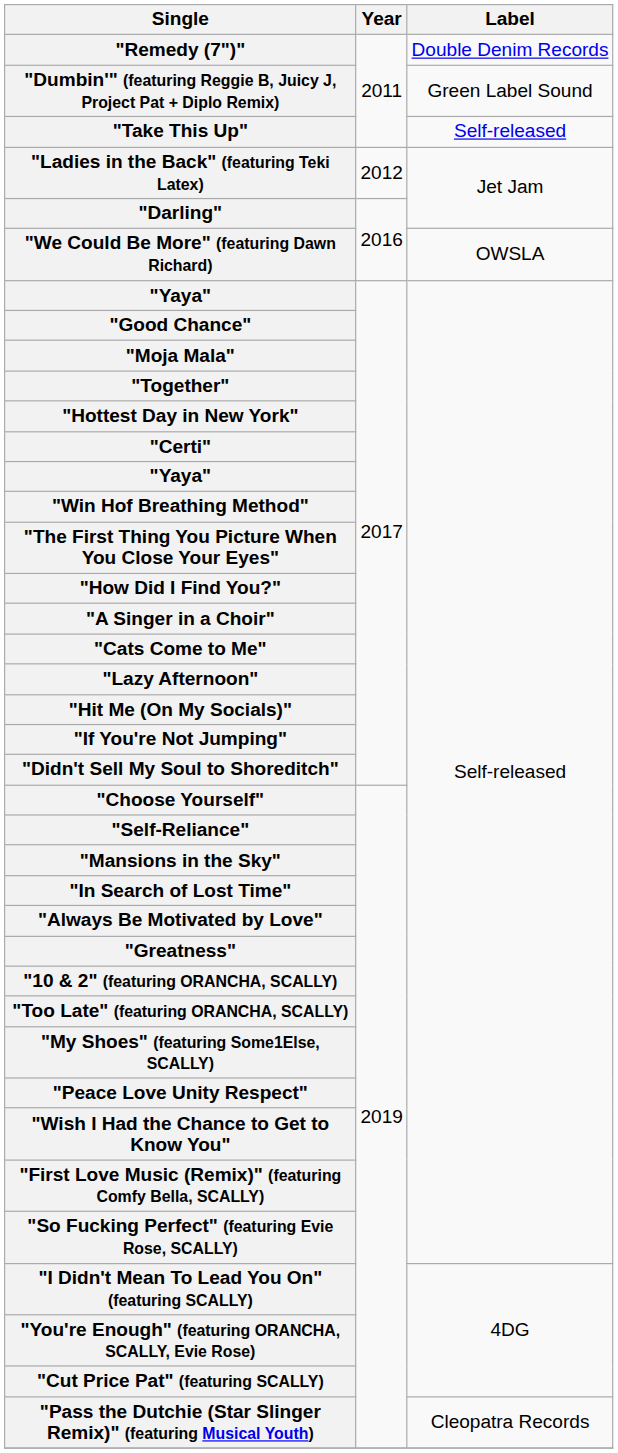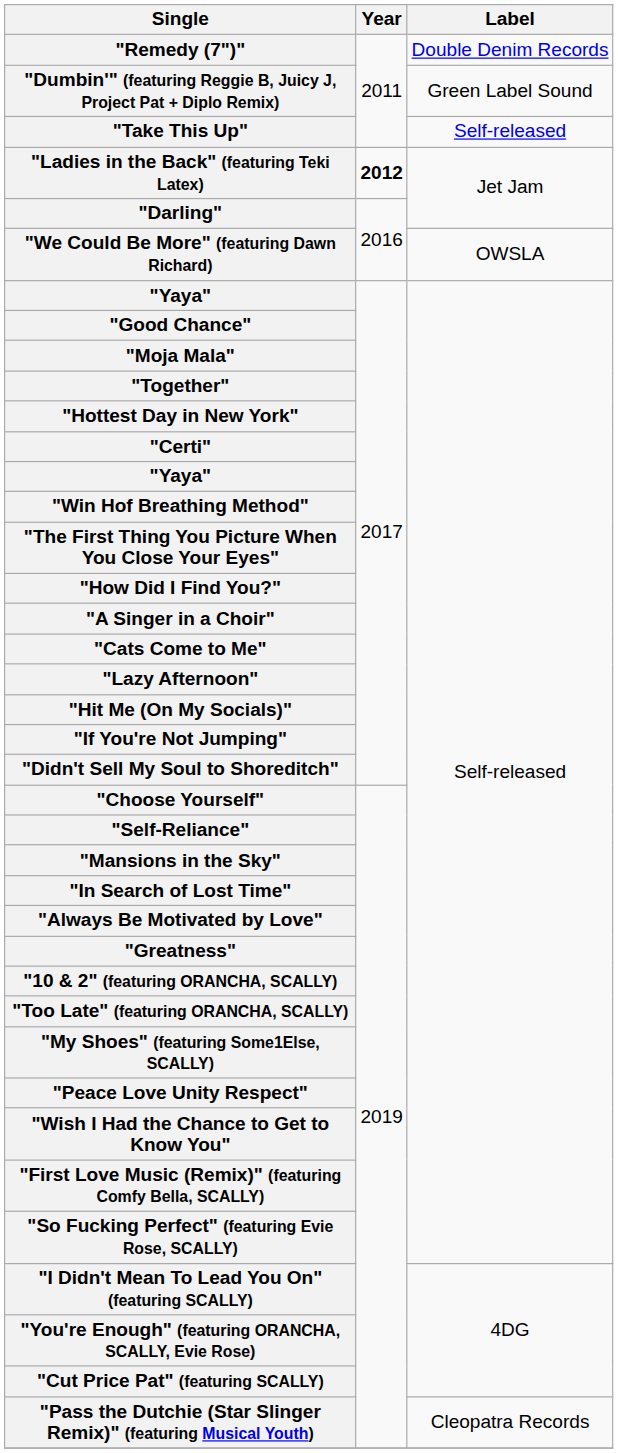 <table class="wikitable mw-collapsible plainrowheaders" border="1" style="text-align:center;">
 <tr>
 <th scope="col" style="width:18em;">Single</th>
 <th scope="col">Year</th>
 <th>Label</th>
 </tr>
 <tr>
 <th scope="row">"Remedy (7")"</th>
 <td rowspan="3">2011</td>
 <td><a href='#'>Double Denim Records</a></td>
 </tr>
 <tr>
 <th scope="row">"Dumbin'" <small>(featuring Reggie B, Juicy J, Project Pat + Diplo Remix)</small></th>
 <td>Green Label Sound</td>
 </tr>
 <tr>
 <th scope="row">"Take This Up"</th>
 <td><a href='#'>Self-released</a></td>
 </tr>
 <tr>
 <th scope="row">"Ladies in the Back" <small>(featuring Teki Latex)</small></th>
-<td>2012</td>
+<td><strong>2012</strong></td>
 <td rowspan="2">Jet Jam</td>
 </tr>
 <tr>
 <th scope="row">"Darling"</th>
 <td rowspan="2">2016</td>
 </tr>
 <tr>
 <th scope="row">"We Could Be More" <small>(featuring Dawn Richard)</small></th>
 <td>OWSLA</td>
 </tr>
 <tr>
 <th scope="row">"Yaya"</th>
 <td rowspan="16">2017</td>
 <td rowspan="29">Self-released</td>
 </tr>
 <tr>
 <th scope="row">"Good Chance"</th>
 </tr>
 <tr>
 <th scope="row">"Moja Mala"</th>
 </tr>
 <tr>
 <th scope="row">"Together"</th>
 </tr>
 <tr>
 <th scope="row">"Hottest Day in New York"</th>
 </tr>
 <tr>
 <th scope="row">"Certi"</th>
 </tr>
 <tr>
 <th scope="row">"Yaya"</th>
 </tr>
 <tr>
 <th scope="row">"Win Hof Breathing Method"</th>
 </tr>
 <tr>
 <th scope="row">"The First Thing You Picture When You Close Your Eyes"</th>
 </tr>
 <tr>
 <th scope="row">"How Did I Find You?"</th>
 </tr>
 <tr>
 <th scope="row">"A Singer in a Choir"</th>
 </tr>
 <tr>
 <th scope="row">"Cats Come to Me"</th>
 </tr>
 <tr>
 <th scope="row">"Lazy Afternoon"</th>
 </tr>
 <tr>
 <th scope="row">"Hit Me (On My Socials)"</th>
 </tr>
 <tr>
 <th scope="row">"If You're Not Jumping"</th>
 </tr>
 <tr>
 <th scope="row">"Didn't Sell My Soul to Shoreditch"</th>
 </tr>
 <tr>
 <th scope="row">"Choose Yourself"</th>
 <td rowspan="17">2019</td>
 </tr>
 <tr>
 <th scope="row">"Self-Reliance"</th>
 </tr>
 <tr>
 <th scope="row">"Mansions in the Sky"</th>
 </tr>
 <tr>
 <th scope="row">"In Search of Lost Time"</th>
 </tr>
 <tr>
 <th scope="row">"Always Be Motivated by Love"</th>
 </tr>
 <tr>
 <th scope="row">"Greatness"</th>
 </tr>
 <tr>
 <th scope="row">"10 & 2" <small>(featuring ORANCHA, SCALLY)</small></th>
 </tr>
 <tr>
 <th scope="row">"Too Late" <small>(featuring ORANCHA, SCALLY)</small></th>
 </tr>
 <tr>
 <th scope="row">"My Shoes" <small>(featuring Some1Else, SCALLY)</small></th>
 </tr>
 <tr>
 <th scope="row">"Peace Love Unity Respect"</th>
 </tr>
 <tr>
 <th scope="row">"Wish I Had the Chance to Get to Know You"</th>
 </tr>
 <tr>
 <th scope="row">"First Love Music (Remix)" <small>(featuring Comfy Bella, SCALLY)</small></th>
 </tr>
 <tr>
 <th scope="row">"So Fucking Perfect" <small>(featuring Evie Rose, SCALLY)</small></th>
 </tr>
 <tr>
 <th scope="row">"I Didn't Mean To Lead You On" <small>(featuring SCALLY)</small></th>
 <td rowspan="3">4DG</td>
 </tr>
 <tr>
 <th scope="row">"You're Enough" <small>(featuring ORANCHA, SCALLY, Evie Rose)</small></th>
 </tr>
 <tr>
 <th scope="row">"Cut Price Pat" <small>(featuring SCALLY)</small></th>
 </tr>
 <tr>
 <th scope="row">"Pass the Dutchie (Star Slinger Remix)" <small>(featuring <a href='#'>Musical Youth</a>)</small></th>
 <td>Cleopatra Records</td>
 </tr>
 <tr>
 </tr>
 </table>
